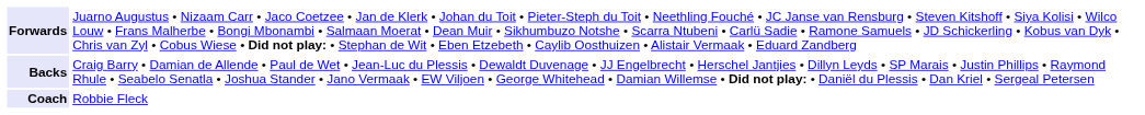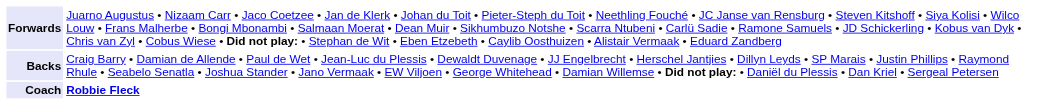 <table cellpadding="2" style="border: 1px solid white; font-size:90%;">
 <tr>
 <td style="text-align:right; background:lavender;"><strong>Forwards</strong></td>
 <td style="text-align:left;"><a href='#'>Juarno Augustus</a> • <a href='#'>Nizaam Carr</a> • <a href='#'>Jaco Coetzee</a> • <a href='#'>Jan de Klerk</a> • <a href='#'>Johan du Toit</a> • <a href='#'>Pieter-Steph du Toit</a> • <a href='#'>Neethling Fouché</a> • <a href='#'>JC Janse van Rensburg</a> • <a href='#'>Steven Kitshoff</a> • <a href='#'>Siya Kolisi</a> • <a href='#'>Wilco Louw</a> • <a href='#'>Frans Malherbe</a> • <a href='#'>Bongi Mbonambi</a> • <a href='#'>Salmaan Moerat</a> • <a href='#'>Dean Muir</a> • <a href='#'>Sikhumbuzo Notshe</a> • <a href='#'>Scarra Ntubeni</a> • <a href='#'>Carlü Sadie</a> • <a href='#'>Ramone Samuels</a> • <a href='#'>JD Schickerling</a> • <a href='#'>Kobus van Dyk</a> • <a href='#'>Chris van Zyl</a> • <a href='#'>Cobus Wiese</a> • <strong>Did not play:</strong> • <a href='#'>Stephan de Wit</a> • <a href='#'>Eben Etzebeth</a> • <a href='#'>Caylib Oosthuizen</a> • <a href='#'>Alistair Vermaak</a> • <a href='#'>Eduard Zandberg</a></td>
 </tr>
 <tr>
 <td style="text-align:right; background:lavender;"><strong>Backs</strong></td>
 <td style="text-align:left;"><a href='#'>Craig Barry</a> • <a href='#'>Damian de Allende</a> • <a href='#'>Paul de Wet</a> • <a href='#'>Jean-Luc du Plessis</a> • <a href='#'>Dewaldt Duvenage</a> • <a href='#'>JJ Engelbrecht</a> • <a href='#'>Herschel Jantjies</a> • <a href='#'>Dillyn Leyds</a> • <a href='#'>SP Marais</a> • <a href='#'>Justin Phillips</a> • <a href='#'>Raymond Rhule</a> • <a href='#'>Seabelo Senatla</a> • <a href='#'>Joshua Stander</a> • <a href='#'>Jano Vermaak</a> • <a href='#'>EW Viljoen</a> • <a href='#'>George Whitehead</a> • <a href='#'>Damian Willemse</a> • <strong>Did not play:</strong> • <a href='#'>Daniël du Plessis</a> • <a href='#'>Dan Kriel</a> • <a href='#'>Sergeal Petersen</a></td>
 </tr>
 <tr>
 <td style="text-align:right; background:lavender;"><strong>Coach</strong></td>
-<td style="text-align:left;"><a href='#'>Robbie Fleck</a></td>
+<td style="text-align:left;"><strong><a href='#'>Robbie Fleck</a></strong></td>
 </tr>
 </table>
